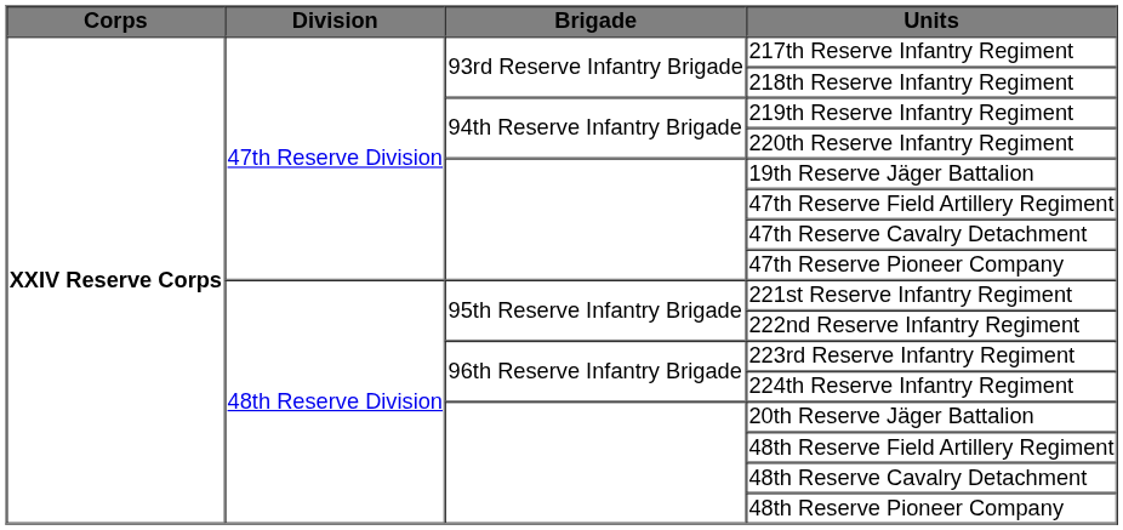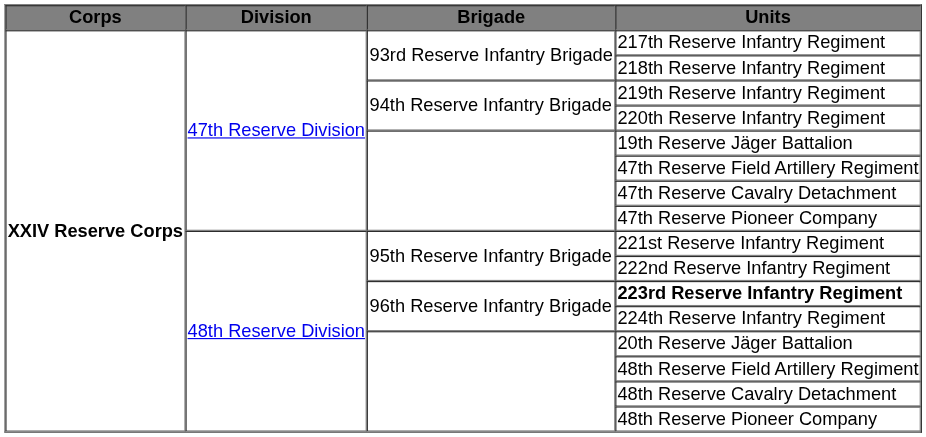 <table style="float: right;" border="1" cellpadding="1" cellspacing="0" style="font-size: 100%; border: gray solid 1px; border-collapse: collapse; text-align: center;">
 <tr style="background-color:grey; color:black;">
 <th>Corps</th>
 <th>Division</th>
 <th>Brigade</th>
 <th>Units</th>
 </tr>
 <tr>
 <td ROWSPAN=16><strong>XXIV Reserve Corps</strong></td>
 <td ROWSPAN=8><a href='#'>47th Reserve Division</a></td>
 <td ROWSPAN=2>93rd Reserve Infantry Brigade</td>
 <td>217th Reserve Infantry Regiment</td>
 </tr>
 <tr>
 <td>218th Reserve Infantry Regiment</td>
 </tr>
 <tr>
 <td ROWSPAN=2>94th Reserve Infantry Brigade</td>
 <td>219th Reserve Infantry Regiment</td>
 </tr>
 <tr>
 <td>220th Reserve Infantry Regiment</td>
 </tr>
 <tr>
 <td ROWSPAN=4></td>
 <td>19th Reserve Jäger Battalion</td>
 </tr>
 <tr>
 <td>47th Reserve Field Artillery Regiment</td>
 </tr>
 <tr>
 <td>47th Reserve Cavalry Detachment</td>
 </tr>
 <tr>
 <td>47th Reserve Pioneer Company</td>
 </tr>
 <tr>
 <td ROWSPAN=8><a href='#'>48th Reserve Division</a></td>
 <td ROWSPAN=2>95th Reserve Infantry Brigade</td>
 <td>221st Reserve Infantry Regiment</td>
 </tr>
 <tr>
 <td>222nd Reserve Infantry Regiment</td>
 </tr>
 <tr>
 <td ROWSPAN=2>96th Reserve Infantry Brigade</td>
-<td>223rd Reserve Infantry Regiment</td>
+<td><strong>223rd Reserve Infantry Regiment</strong></td>
 </tr>
 <tr>
 <td>224th Reserve Infantry Regiment</td>
 </tr>
 <tr>
 <td ROWSPAN=4></td>
 <td>20th Reserve Jäger Battalion</td>
 </tr>
 <tr>
 <td>48th Reserve Field Artillery Regiment</td>
 </tr>
 <tr>
 <td>48th Reserve Cavalry Detachment</td>
 </tr>
 <tr>
 <td>48th Reserve Pioneer Company</td>
 </tr>
 <tr>
 </tr>
 </table>
